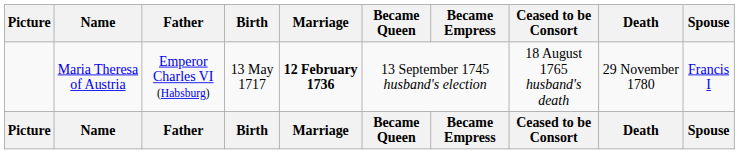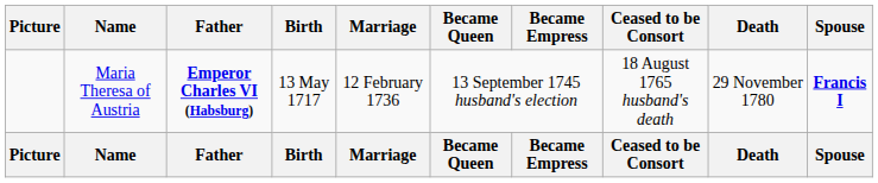 <table width=95% class="wikitable">
 <tr>
 <th>Picture</th>
 <th>Name</th>
 <th>Father</th>
 <th>Birth</th>
 <th>Marriage</th>
 <th>Became Queen</th>
 <th>Became Empress</th>
 <th>Ceased to be Consort</th>
 <th>Death</th>
 <th>Spouse</th>
 </tr>
 <tr>
 <td align=center></td>
 <td align="center"><a href='#'>Maria Theresa of Austria</a></td>
-<td align="center"><a href='#'>Emperor Charles VI</a><br><small>(<a href='#'>Habsburg</a>)</small></td>
+<td align="center"><strong><a href='#'>Emperor Charles VI</a><br><small>(<a href='#'>Habsburg</a>)</small></strong></td>
 <td align="center">13 May 1717</td>
-<td align="center"><strong>12 February 1736</strong></td>
+<td align="center">12 February 1736</td>
 <td align="center" colspan="2">13 September 1745<br><em>husband's election</em></td>
 <td align="center">18 August 1765<br><em>husband's death</em></td>
 <td align="center">29 November 1780</td>
-<td align="center"><a href='#'>Francis I</a></td>
+<td align="center"><strong><a href='#'>Francis I</a></strong></td>
 </tr>
 <tr>
 <th>Picture</th>
 <th>Name</th>
 <th>Father</th>
 <th>Birth</th>
 <th>Marriage</th>
 <th>Became Queen</th>
 <th>Became Empress</th>
 <th>Ceased to be Consort</th>
 <th>Death</th>
 <th>Spouse</th>
 </tr>
 </table>
